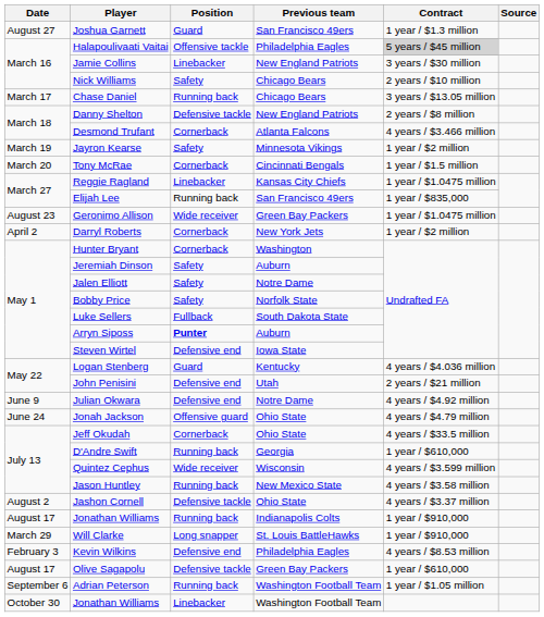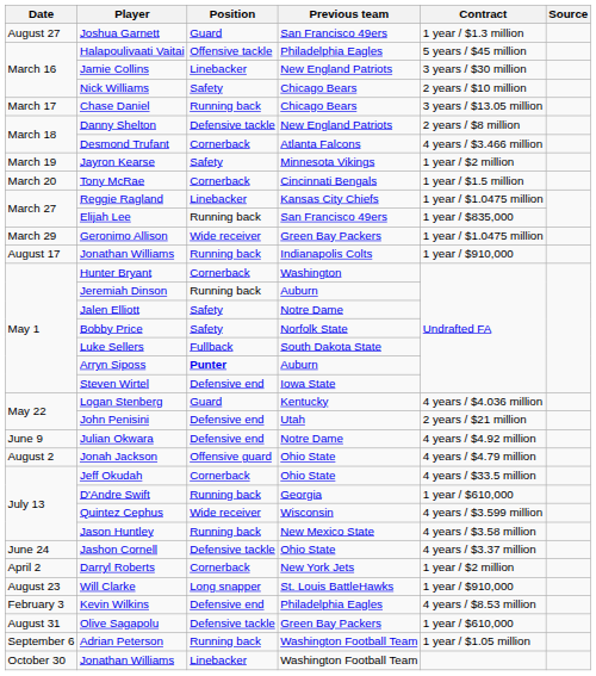 <table class="wikitable">
 <tr>
 <th>Date</th>
 <th>Player</th>
 <th>Position</th>
 <th>Previous team</th>
 <th>Contract</th>
 <th>Source</th>
 </tr>
 <tr>
 <td>August 27</td>
 <td><a href='#'>Joshua Garnett</a></td>
 <td><a href='#'>Guard</a></td>
 <td><a href='#'>San Francisco 49ers</a></td>
 <td>1 year / $1.3 million</td>
 <td></td>
 </tr>
 <tr>
 <td rowspan="3">March 16</td>
 <td><a href='#'>Halapoulivaati Vaitai</a></td>
 <td><a href='#'>Offensive tackle</a></td>
 <td><a href='#'>Philadelphia Eagles</a></td>
-<td style="background: lightgrey;">5 years / $45 million</td>
+<td>5 years / $45 million</td>
 <td></td>
 </tr>
 <tr>
 <td><a href='#'>Jamie Collins</a></td>
 <td><a href='#'>Linebacker</a></td>
 <td><a href='#'>New England Patriots</a></td>
 <td>3 years / $30 million</td>
 <td></td>
 </tr>
 <tr>
 <td><a href='#'>Nick Williams</a></td>
 <td><a href='#'>Safety</a></td>
 <td><a href='#'>Chicago Bears</a></td>
 <td>2 years / $10 million</td>
 <td></td>
 </tr>
 <tr>
 <td>March 17</td>
 <td><a href='#'>Chase Daniel</a></td>
 <td><a href='#'>Running back</a></td>
 <td><a href='#'>Chicago Bears</a></td>
 <td>3 years / $13.05 million</td>
 <td></td>
 </tr>
 <tr>
 <td rowspan="2">March 18</td>
 <td><a href='#'>Danny Shelton</a></td>
 <td><a href='#'>Defensive tackle</a></td>
 <td><a href='#'>New England Patriots</a></td>
 <td>2 years / $8 million</td>
 <td></td>
 </tr>
 <tr>
 <td><a href='#'>Desmond Trufant</a></td>
 <td><a href='#'>Cornerback</a></td>
 <td><a href='#'>Atlanta Falcons</a></td>
 <td>4 years / $3.466 million</td>
 <td></td>
 </tr>
 <tr>
 <td>March 19</td>
 <td><a href='#'>Jayron Kearse</a></td>
 <td><a href='#'>Safety</a></td>
 <td><a href='#'>Minnesota Vikings</a></td>
 <td>1 year / $2 million</td>
 <td></td>
 </tr>
 <tr>
 <td>March 20</td>
 <td><a href='#'>Tony McRae</a></td>
 <td><a href='#'>Cornerback</a></td>
 <td><a href='#'>Cincinnati Bengals</a></td>
 <td>1 year / $1.5 million</td>
 <td></td>
 </tr>
 <tr>
 <td rowspan="2">March 27</td>
 <td><a href='#'>Reggie Ragland</a></td>
 <td><a href='#'>Linebacker</a></td>
 <td><a href='#'>Kansas City Chiefs</a></td>
 <td>1 year / $1.0475 million</td>
 <td rowspan="2"></td>
 </tr>
 <tr>
 <td><a href='#'>Elijah Lee</a></td>
 <td>Running back</td>
 <td><a href='#'>San Francisco 49ers</a></td>
 <td>1 year / $835,000</td>
 </tr>
 <tr>
-<td>August 23</td>
+<td>March 29</td>
 <td><a href='#'>Geronimo Allison</a></td>
 <td><a href='#'>Wide receiver</a></td>
 <td><a href='#'>Green Bay Packers</a></td>
 <td>1 year / $1.0475 million</td>
 <td></td>
 </tr>
 <tr>
-<td>April 2</td>
-<td><a href='#'>Darryl Roberts</a></td>
-<td><a href='#'>Cornerback</a></td>
-<td><a href='#'>New York Jets</a></td>
-<td>1 year / $2 million</td>
+<td>August 17</td>
+<td><a href='#'>Jonathan Williams</a></td>
+<td><a href='#'>Running back</a></td>
+<td><a href='#'>Indianapolis Colts</a></td>
+<td>1 year / $910,000</td>
 <td></td>
 </tr>
 <tr>
 <td rowspan="7">May 1</td>
 <td><a href='#'>Hunter Bryant</a></td>
 <td><a href='#'>Cornerback</a></td>
 <td><a href='#'>Washington</a></td>
 <td rowspan="7"><a href='#'>Undrafted FA</a></td>
 <td rowspan="7"></td>
 </tr>
 <tr>
 <td><a href='#'>Jeremiah Dinson</a></td>
-<td><a href='#'>Safety</a></td>
+<td>Running back</td>
 <td><a href='#'>Auburn</a></td>
 </tr>
 <tr>
 <td><a href='#'>Jalen Elliott</a></td>
 <td><a href='#'>Safety</a></td>
 <td><a href='#'>Notre Dame</a></td>
 </tr>
 <tr>
 <td><a href='#'>Bobby Price</a></td>
 <td><a href='#'>Safety</a></td>
 <td><a href='#'>Norfolk State</a></td>
 </tr>
 <tr>
 <td><a href='#'>Luke Sellers</a></td>
 <td><a href='#'>Fullback</a></td>
 <td><a href='#'>South Dakota State</a></td>
 </tr>
 <tr>
 <td><a href='#'>Arryn Siposs</a></td>
 <td><strong><a href='#'>Punter</a></strong></td>
 <td><a href='#'>Auburn</a></td>
 </tr>
 <tr>
 <td><a href='#'>Steven Wirtel</a></td>
 <td><a href='#'>Defensive end</a></td>
 <td><a href='#'>Iowa State</a></td>
 </tr>
 <tr>
 <td rowspan="2">May 22</td>
 <td><a href='#'>Logan Stenberg</a></td>
 <td><a href='#'>Guard</a></td>
 <td><a href='#'>Kentucky</a></td>
 <td>4 years / $4.036 million</td>
 <td></td>
 </tr>
 <tr>
 <td><a href='#'>John Penisini</a></td>
 <td><a href='#'>Defensive end</a></td>
 <td><a href='#'>Utah</a></td>
 <td>2 years / $21 million</td>
 <td></td>
 </tr>
 <tr>
 <td>June 9</td>
 <td><a href='#'>Julian Okwara</a></td>
 <td><a href='#'>Defensive end</a></td>
 <td><a href='#'>Notre Dame</a></td>
 <td>4 years / $4.92 million</td>
 <td></td>
 </tr>
 <tr>
-<td>June 24</td>
+<td>August 2</td>
 <td><a href='#'>Jonah Jackson</a></td>
 <td><a href='#'>Offensive guard</a></td>
 <td><a href='#'>Ohio State</a></td>
 <td>4 years / $4.79 million</td>
 <td></td>
 </tr>
 <tr>
 <td rowspan="4">July 13</td>
 <td><a href='#'>Jeff Okudah</a></td>
 <td><a href='#'>Cornerback</a></td>
 <td><a href='#'>Ohio State</a></td>
 <td>4 years / $33.5 million</td>
 <td></td>
 </tr>
 <tr>
 <td><a href='#'>D'Andre Swift</a></td>
 <td><a href='#'>Running back</a></td>
 <td><a href='#'>Georgia</a></td>
 <td>1 year / $610,000</td>
 <td></td>
 </tr>
 <tr>
 <td><a href='#'>Quintez Cephus</a></td>
 <td><a href='#'>Wide receiver</a></td>
 <td><a href='#'>Wisconsin</a></td>
 <td>4 years / $3.599 million</td>
 <td></td>
 </tr>
 <tr>
 <td><a href='#'>Jason Huntley</a></td>
 <td><a href='#'>Running back</a></td>
 <td><a href='#'>New Mexico State</a></td>
 <td>4 years / $3.58 million</td>
 <td></td>
 </tr>
 <tr>
-<td>August 2</td>
+<td>June 24</td>
 <td><a href='#'>Jashon Cornell</a></td>
 <td><a href='#'>Defensive tackle</a></td>
 <td><a href='#'>Ohio State</a></td>
 <td>4 years / $3.37 million</td>
 <td></td>
 </tr>
 <tr>
-<td>August 17</td>
-<td><a href='#'>Jonathan Williams</a></td>
-<td><a href='#'>Running back</a></td>
-<td><a href='#'>Indianapolis Colts</a></td>
-<td>1 year / $910,000</td>
+<td>April 2</td>
+<td><a href='#'>Darryl Roberts</a></td>
+<td><a href='#'>Cornerback</a></td>
+<td><a href='#'>New York Jets</a></td>
+<td>1 year / $2 million</td>
 <td></td>
 </tr>
 <tr>
-<td>March 29</td>
+<td>August 23</td>
 <td><a href='#'>Will Clarke</a></td>
 <td><a href='#'>Long snapper</a></td>
 <td><a href='#'>St. Louis BattleHawks</a></td>
 <td>1 year / $910,000</td>
 <td></td>
 </tr>
 <tr>
 <td>February 3</td>
 <td><a href='#'>Kevin Wilkins</a></td>
 <td><a href='#'>Defensive end</a></td>
 <td><a href='#'>Philadelphia Eagles</a></td>
 <td>4 years / $8.53 million</td>
 <td></td>
 </tr>
 <tr>
-<td>August 17</td>
+<td>August 31</td>
 <td><a href='#'>Olive Sagapolu</a></td>
 <td><a href='#'>Defensive tackle</a></td>
 <td><a href='#'>Green Bay Packers</a></td>
 <td>1 year / $610,000</td>
 <td></td>
 </tr>
 <tr>
 <td>September 6</td>
 <td><a href='#'>Adrian Peterson</a></td>
 <td><a href='#'>Running back</a></td>
 <td><a href='#'>Washington Football Team</a></td>
 <td>1 year / $1.05 million</td>
 <td></td>
 </tr>
 <tr>
 <td>October 30</td>
 <td><a href='#'>Jonathan Williams</a></td>
 <td><a href='#'>Linebacker</a></td>
 <td>Washington Football Team</td>
 <td></td>
 <td></td>
 </tr>
 </table>
